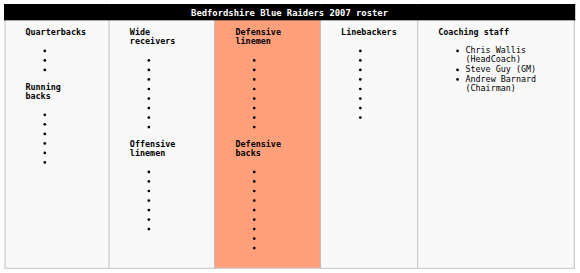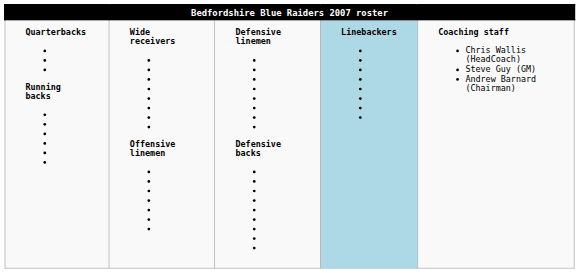 <table class="wikitable" style="text-align: left; width: 95%; border: solid black 1px;">
 <tr>
 <th colspan=7 style="background-color: black; text-align: center; border: solid black 2px; color: white;">Bedfordshire Blue Raiders 2007 roster</th>
 </tr>
 <tr>
 <td style="font-size: 95%; padding: 10px 30px;" valign="top"><strong>Quarterbacks</strong><br><ul><li></li><li></li><li></li></ul><strong>Running backs</strong><ul><li></li><li></li><li></li><li></li><li></li><li></li></ul></td>
 <td style="font-size: 95%; padding: 10px 30px;" valign="top"><strong>Wide receivers</strong><br><ul><li></li><li></li><li></li><li></li><li></li><li></li><li></li><li></li></ul><strong>Offensive linemen</strong><ul><li></li><li></li><li></li><li></li><li></li><li></li><li></li></ul></td>
-<td style="background: lightsalmon; font-size: 95%; padding: 10px 30px;" valign="top"><strong>Defensive linemen</strong><br><ul><li></li><li></li><li></li><li></li><li></li><li></li><li></li><li></li></ul><strong>Defensive backs</strong><ul><li></li><li></li><li></li><li></li><li></li><li></li><li></li><li></li><li></li></ul></td>
-<td style="font-size: 95%; padding: 10px 30px;" valign="top"><strong>Linebackers</strong><br><ul><li></li><li></li><li></li><li></li><li></li><li></li><li></li><li></li></ul></td>
+<td style="font-size: 95%; padding: 10px 30px;" valign="top"><strong>Defensive linemen</strong><br><ul><li></li><li></li><li></li><li></li><li></li><li></li><li></li><li></li></ul><strong>Defensive backs</strong><ul><li></li><li></li><li></li><li></li><li></li><li></li><li></li><li></li><li></li></ul></td>
+<td style="background: lightblue; font-size: 95%; padding: 10px 30px;" valign="top"><strong>Linebackers</strong><br><ul><li></li><li></li><li></li><li></li><li></li><li></li><li></li><li></li></ul></td>
 <td style="font-size: 95%; padding: 10px 30px;" valign="top"><strong>Coaching staff</strong><br><ul><li>Chris Wallis (HeadCoach)</li><li>Steve Guy (GM)</li><li>Andrew Barnard (Chairman)</li></ul></td>
 </tr>
 </table>
